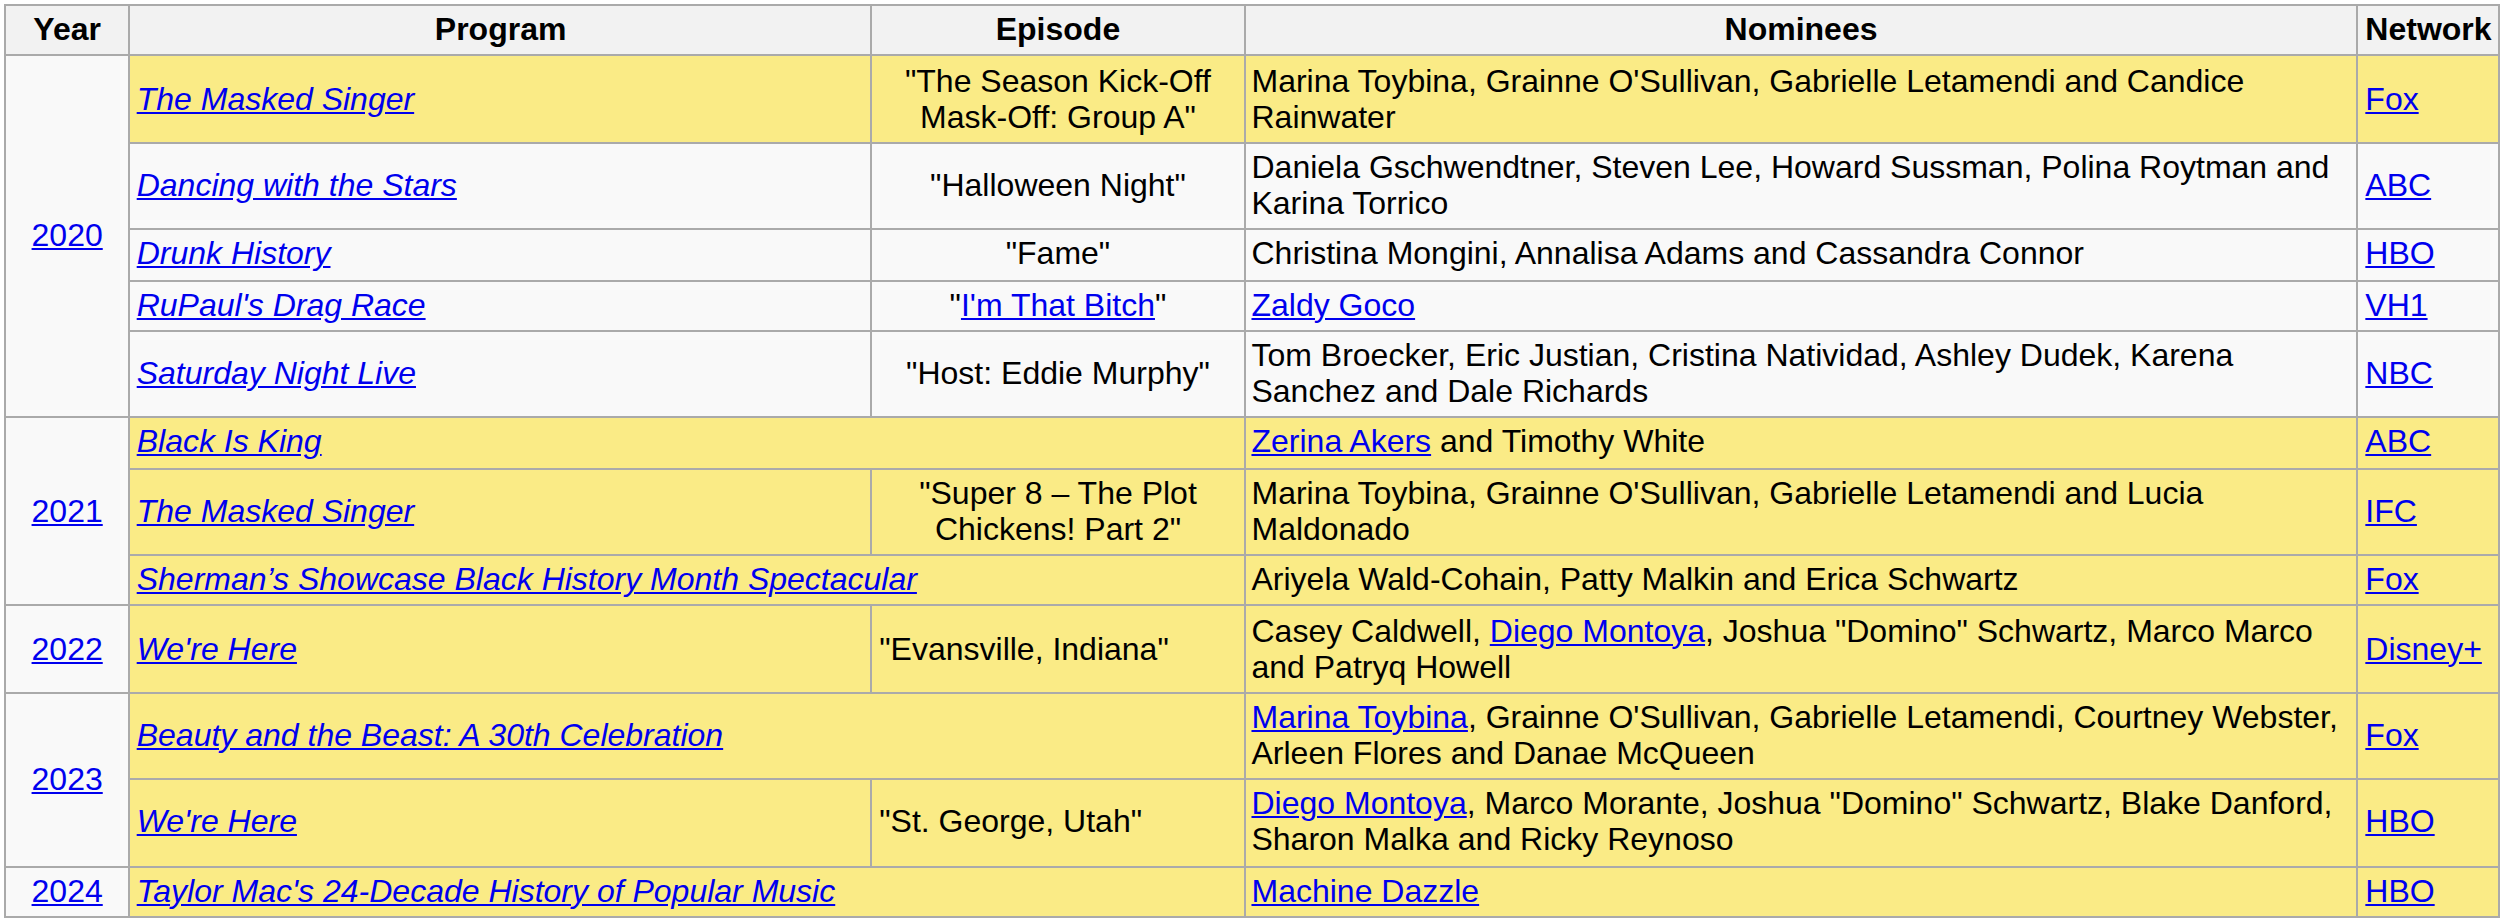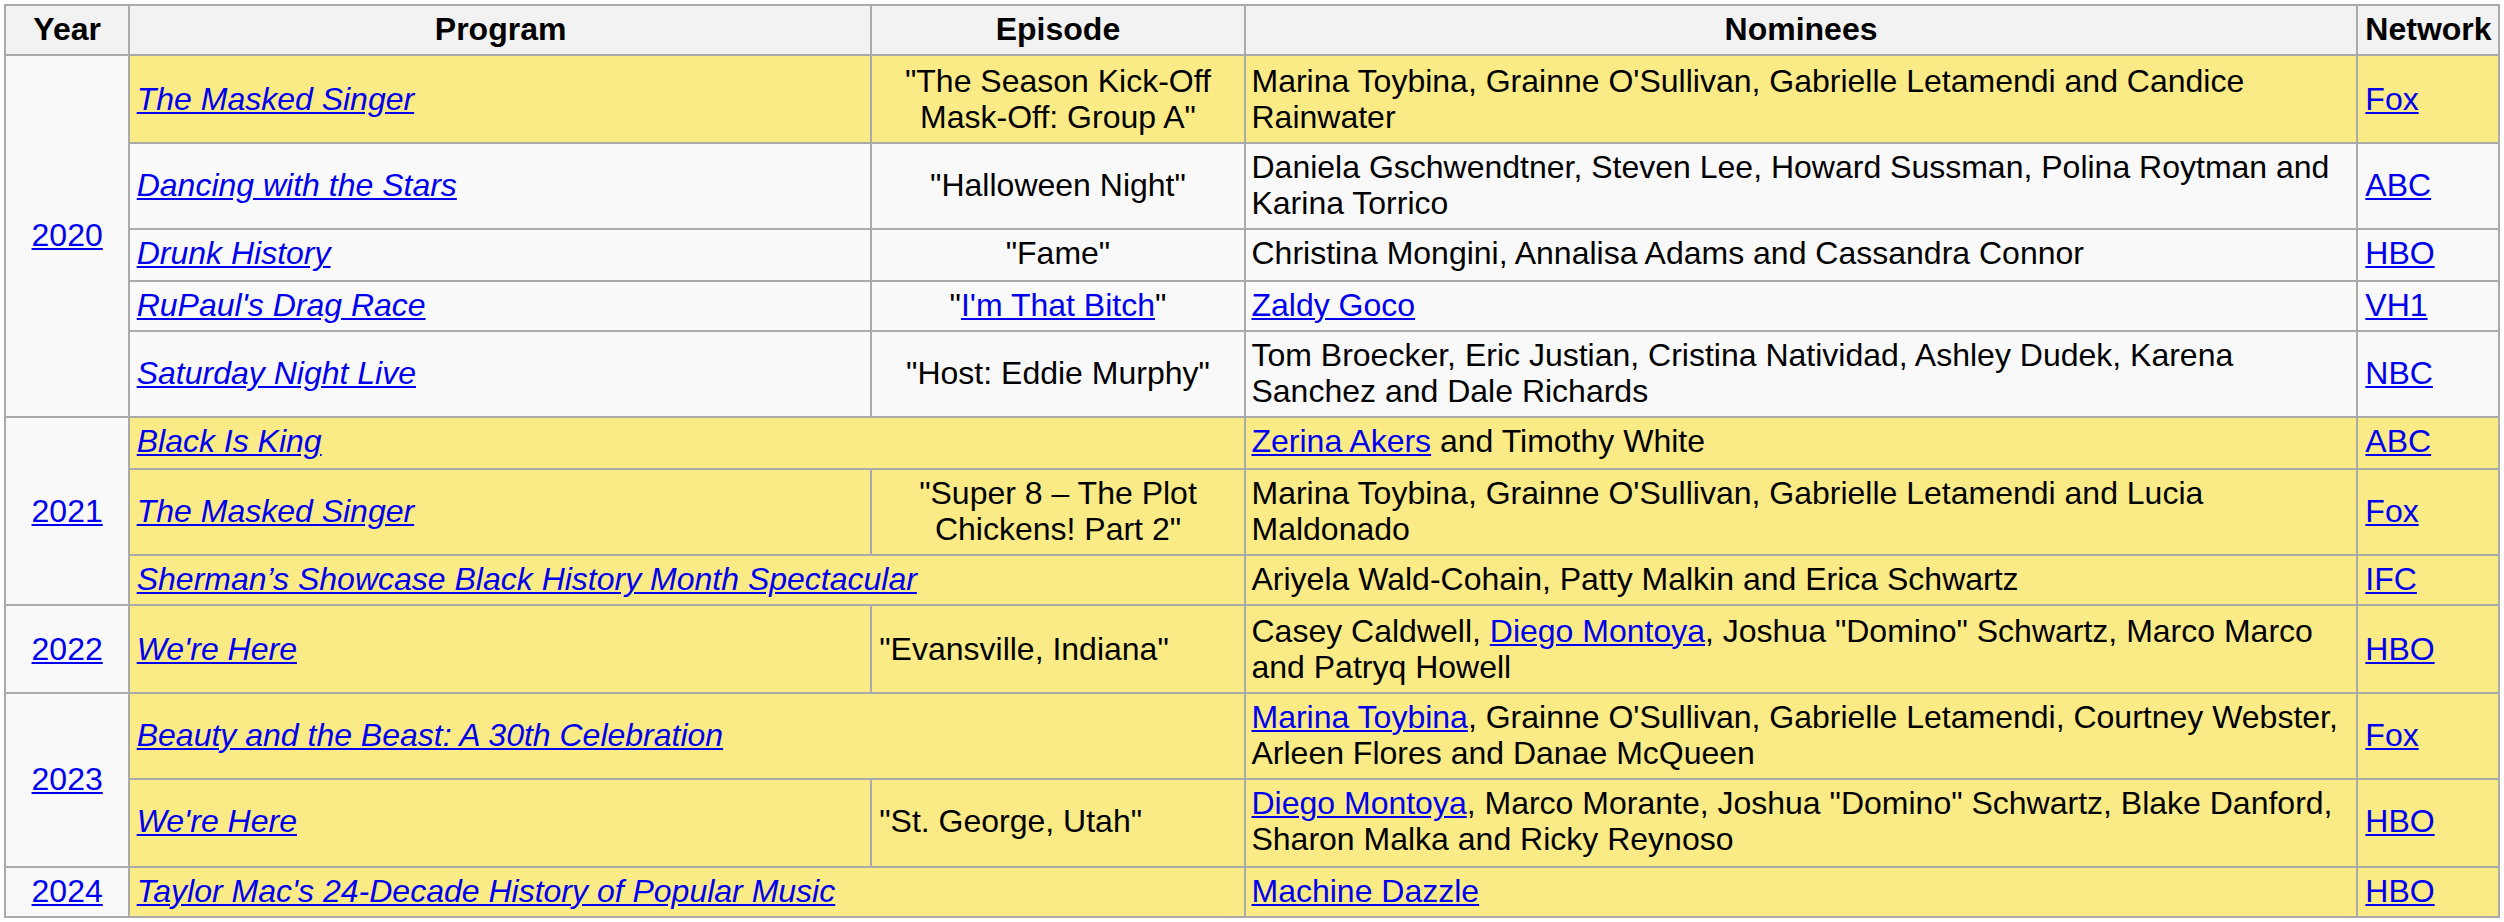 <table class="wikitable">
 <tr>
 <th width="5%">Year</th>
 <th width="30%">Program</th>
 <th width="15%">Episode</th>
 <th width="45%">Nominees</th>
 <th width="5%">Network</th>
 </tr>
 <tr>
 <td rowspan="6" style="text-align:center"><a href='#'>2020</a><br></td>
 </tr>
 <tr style="background:#FAEB86;">
 <td><em><a href='#'>The Masked Singer</a></em></td>
 <td align=center>"The Season Kick-Off Mask-Off: Group A"</td>
 <td>Marina Toybina, Grainne O'Sullivan, Gabrielle Letamendi and Candice Rainwater</td>
 <td><a href='#'>Fox</a></td>
 </tr>
 <tr>
 <td><em><a href='#'>Dancing with the Stars</a></em></td>
 <td align=center>"Halloween Night"</td>
 <td>Daniela Gschwendtner, Steven Lee, Howard Sussman, Polina Roytman and Karina Torrico</td>
 <td><a href='#'>ABC</a></td>
 </tr>
 <tr>
 <td><em><a href='#'>Drunk History</a></em></td>
 <td align=center>"Fame"</td>
 <td>Christina Mongini, Annalisa Adams and Cassandra Connor</td>
 <td><a href='#'>HBO</a></td>
 </tr>
 <tr>
 <td><em><a href='#'>RuPaul's Drag Race</a></em></td>
 <td align=center>"<a href='#'>I'm That Bitch</a>"</td>
 <td><a href='#'>Zaldy Goco</a></td>
 <td><a href='#'>VH1</a></td>
 </tr>
 <tr>
 <td><em><a href='#'>Saturday Night Live</a></em></td>
 <td align=center>"Host: Eddie Murphy"</td>
 <td>Tom Broecker, Eric Justian, Cristina Natividad, Ashley Dudek, Karena Sanchez and Dale Richards</td>
 <td><a href='#'>NBC</a></td>
 </tr>
 <tr>
 <td rowspan="4" style="text-align:center"><a href='#'>2021</a><br></td>
 </tr>
 <tr style="background:#FAEB86;">
 <td colspan=2><em><a href='#'>Black Is King</a></em></td>
 <td><a href='#'>Zerina Akers</a> and Timothy White</td>
 <td><a href='#'>ABC</a></td>
 </tr>
 <tr style="background:#FAEB86;">
 <td><em><a href='#'>The Masked Singer</a></em></td>
 <td align=center>"Super 8 – The Plot Chickens! Part 2"</td>
 <td>Marina Toybina, Grainne O'Sullivan, Gabrielle Letamendi and Lucia Maldonado</td>
-<td><a href='#'>IFC</a></td>
+<td><a href='#'>Fox</a></td>
 </tr>
 <tr style="background:#FAEB86;">
 <td colspan=2><em><a href='#'>Sherman’s Showcase Black History Month Spectacular</a></em></td>
 <td>Ariyela Wald-Cohain, Patty Malkin and Erica Schwartz</td>
-<td><a href='#'>Fox</a></td>
+<td><a href='#'>IFC</a></td>
 </tr>
 <tr>
 <td rowspan="2" style="text-align:center"><a href='#'>2022</a><br></td>
 </tr>
 <tr style="background:#FAEB86;">
 <td><em><a href='#'>We're Here</a></em></td>
 <td>"Evansville, Indiana"</td>
 <td>Casey Caldwell, <a href='#'>Diego Montoya</a>, Joshua "Domino" Schwartz, Marco Marco and Patryq Howell</td>
-<td><a href='#'>Disney+</a></td>
+<td><a href='#'>HBO</a></td>
 </tr>
 <tr>
 <td rowspan="3" style="text-align:center"><a href='#'>2023</a><br></td>
 </tr>
 <tr style="background:#FAEB86;">
 <td colspan=2><em><a href='#'>Beauty and the Beast: A 30th Celebration</a></em></td>
 <td><a href='#'>Marina Toybina</a>, Grainne O'Sullivan, Gabrielle Letamendi, Courtney Webster, Arleen Flores and Danae McQueen</td>
 <td><a href='#'>Fox</a></td>
 </tr>
 <tr style="background:#FAEB86;">
 <td><em><a href='#'>We're Here</a></em></td>
 <td>"St. George, Utah"</td>
 <td><a href='#'>Diego Montoya</a>, Marco Morante, Joshua "Domino" Schwartz, Blake Danford, Sharon Malka and Ricky Reynoso</td>
 <td><a href='#'>HBO</a></td>
 </tr>
 <tr>
 <td rowspan="2" style="text-align:center"><a href='#'>2024</a><br></td>
 </tr>
 <tr style="background:#FAEB86;">
 <td colspan=2><em><a href='#'>Taylor Mac's 24-Decade History of Popular Music</a></em></td>
 <td><a href='#'>Machine Dazzle</a></td>
 <td><a href='#'>HBO</a></td>
 </tr>
 <tr>
 </tr>
 </table>
